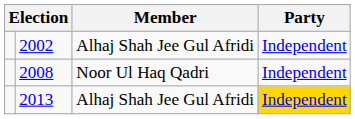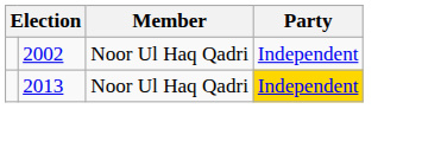 <table class="wikitable">
 <tr>
 <th colspan="2">Election</th>
 <th>Member</th>
 <th>Party</th>
 </tr>
 <tr>
 <td style="background-color: "></td>
 <td><a href='#'>2002</a></td>
-<td>Alhaj Shah Jee Gul Afridi</td>
-<td><a href='#'>Independent</a></td>
-</tr>
-<tr>
-<td style="background-color: "></td>
-<td><a href='#'>2008</a></td>
 <td>Noor Ul Haq Qadri</td>
 <td><a href='#'>Independent</a></td>
 </tr>
 <tr>
 <td style="background-color: "></td>
 <td><a href='#'>2013</a></td>
-<td>Alhaj Shah Jee Gul Afridi</td>
+<td>Noor Ul Haq Qadri</td>
 <td style="background: gold;"><a href='#'>Independent</a></td>
 </tr>
 </table>
